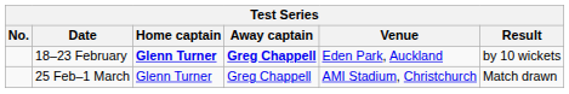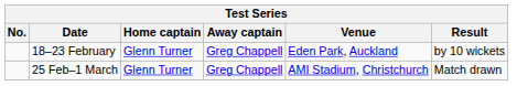 <table class="wikitable">
 <tr>
 <th colspan="9">Test Series</th>
 </tr>
 <tr>
 <th>No.</th>
 <th>Date</th>
 <th>Home captain</th>
 <th>Away captain</th>
 <th>Venue</th>
 <th>Result</th>
 </tr>
 <tr>
 <td></td>
 <td>18–23 February</td>
-<td><strong><a href='#'>Glenn Turner</a></strong></td>
-<td><strong><a href='#'>Greg Chappell</a></strong></td>
+<td><a href='#'>Glenn Turner</a></td>
+<td><a href='#'>Greg Chappell</a></td>
 <td><a href='#'>Eden Park</a>, <a href='#'>Auckland</a></td>
 <td> by 10 wickets</td>
 </tr>
 <tr>
 <td></td>
 <td>25 Feb–1 March</td>
 <td><a href='#'>Glenn Turner</a></td>
 <td><a href='#'>Greg Chappell</a></td>
 <td><a href='#'>AMI Stadium</a>, <a href='#'>Christchurch</a></td>
 <td>Match drawn</td>
 </tr>
 </table>
